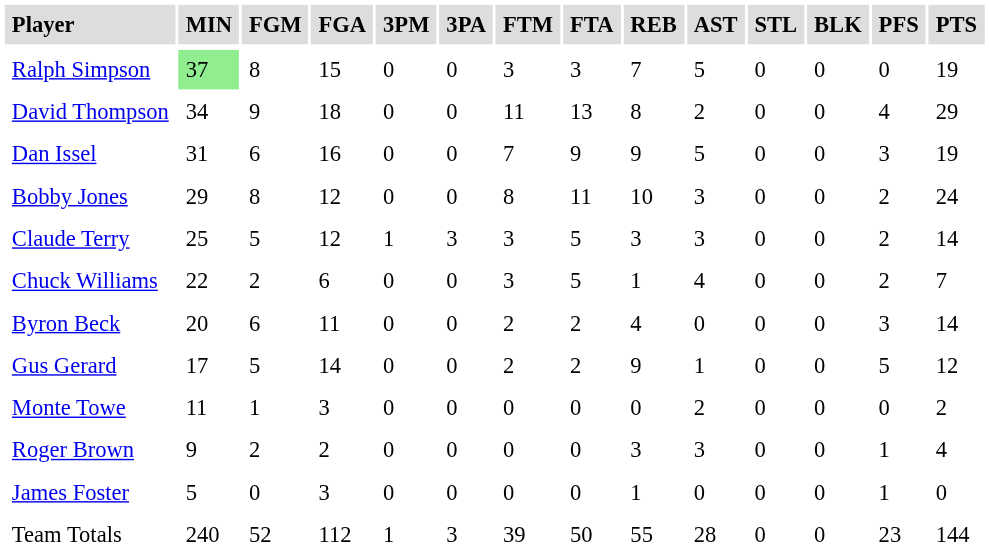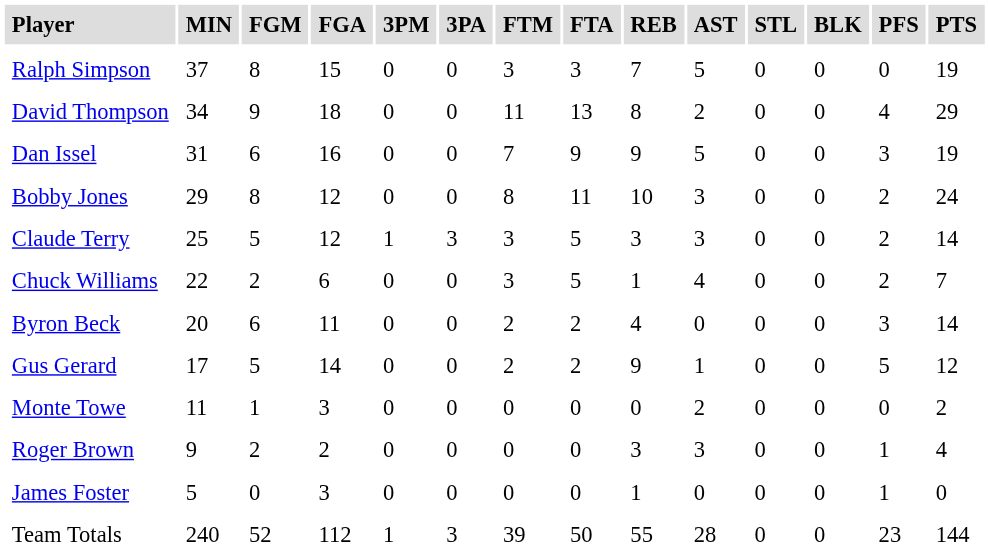 <table cellpadding=5>
 <tr bgcolor="#dddddd">
 <td><strong>Player</strong></td>
 <td><strong>MIN</strong></td>
 <td><strong>FGM</strong></td>
 <td><strong>FGA</strong></td>
 <td><strong>3PM</strong></td>
 <td><strong>3PA</strong></td>
 <td><strong>FTM</strong></td>
 <td><strong>FTA</strong></td>
 <td><strong>REB</strong></td>
 <td><strong>AST</strong></td>
 <td><strong>STL</strong></td>
 <td><strong>BLK</strong></td>
 <td><strong>PFS</strong></td>
 <td><strong>PTS</strong></td>
 </tr>
 <tr bgcolor="#eeeeee">
 </tr>
 <tr>
 <td><a href='#'>Ralph Simpson</a></td>
-<td style="background: lightgreen;">37</td>
+<td>37</td>
 <td>8</td>
 <td>15</td>
 <td>0</td>
 <td>0</td>
 <td>3</td>
 <td>3</td>
 <td>7</td>
 <td>5</td>
 <td>0</td>
 <td>0</td>
 <td>0</td>
 <td>19</td>
 </tr>
 <tr>
 <td><a href='#'>David Thompson</a></td>
 <td>34</td>
 <td>9</td>
 <td>18</td>
 <td>0</td>
 <td>0</td>
 <td>11</td>
 <td>13</td>
 <td>8</td>
 <td>2</td>
 <td>0</td>
 <td>0</td>
 <td>4</td>
 <td>29</td>
 </tr>
 <tr>
 <td><a href='#'>Dan Issel</a></td>
 <td>31</td>
 <td>6</td>
 <td>16</td>
 <td>0</td>
 <td>0</td>
 <td>7</td>
 <td>9</td>
 <td>9</td>
 <td>5</td>
 <td>0</td>
 <td>0</td>
 <td>3</td>
 <td>19</td>
 </tr>
 <tr>
 <td><a href='#'>Bobby Jones</a></td>
 <td>29</td>
 <td>8</td>
 <td>12</td>
 <td>0</td>
 <td>0</td>
 <td>8</td>
 <td>11</td>
 <td>10</td>
 <td>3</td>
 <td>0</td>
 <td>0</td>
 <td>2</td>
 <td>24</td>
 </tr>
 <tr>
 <td><a href='#'>Claude Terry</a></td>
 <td>25</td>
 <td>5</td>
 <td>12</td>
 <td>1</td>
 <td>3</td>
 <td>3</td>
 <td>5</td>
 <td>3</td>
 <td>3</td>
 <td>0</td>
 <td>0</td>
 <td>2</td>
 <td>14</td>
 </tr>
 <tr>
 <td><a href='#'>Chuck Williams</a></td>
 <td>22</td>
 <td>2</td>
 <td>6</td>
 <td>0</td>
 <td>0</td>
 <td>3</td>
 <td>5</td>
 <td>1</td>
 <td>4</td>
 <td>0</td>
 <td>0</td>
 <td>2</td>
 <td>7</td>
 </tr>
 <tr>
 <td><a href='#'>Byron Beck</a></td>
 <td>20</td>
 <td>6</td>
 <td>11</td>
 <td>0</td>
 <td>0</td>
 <td>2</td>
 <td>2</td>
 <td>4</td>
 <td>0</td>
 <td>0</td>
 <td>0</td>
 <td>3</td>
 <td>14</td>
 </tr>
 <tr>
 <td><a href='#'>Gus Gerard</a></td>
 <td>17</td>
 <td>5</td>
 <td>14</td>
 <td>0</td>
 <td>0</td>
 <td>2</td>
 <td>2</td>
 <td>9</td>
 <td>1</td>
 <td>0</td>
 <td>0</td>
 <td>5</td>
 <td>12</td>
 </tr>
 <tr>
 <td><a href='#'>Monte Towe</a></td>
 <td>11</td>
 <td>1</td>
 <td>3</td>
 <td>0</td>
 <td>0</td>
 <td>0</td>
 <td>0</td>
 <td>0</td>
 <td>2</td>
 <td>0</td>
 <td>0</td>
 <td>0</td>
 <td>2</td>
 </tr>
 <tr>
 <td><a href='#'>Roger Brown</a></td>
 <td>9</td>
 <td>2</td>
 <td>2</td>
 <td>0</td>
 <td>0</td>
 <td>0</td>
 <td>0</td>
 <td>3</td>
 <td>3</td>
 <td>0</td>
 <td>0</td>
 <td>1</td>
 <td>4</td>
 </tr>
 <tr>
 <td><a href='#'>James Foster</a></td>
 <td>5</td>
 <td>0</td>
 <td>3</td>
 <td>0</td>
 <td>0</td>
 <td>0</td>
 <td>0</td>
 <td>1</td>
 <td>0</td>
 <td>0</td>
 <td>0</td>
 <td>1</td>
 <td>0</td>
 </tr>
 <tr>
 <td>Team Totals</td>
 <td>240</td>
 <td>52</td>
 <td>112</td>
 <td>1</td>
 <td>3</td>
 <td>39</td>
 <td>50</td>
 <td>55</td>
 <td>28</td>
 <td>0</td>
 <td>0</td>
 <td>23</td>
 <td>144</td>
 </tr>
 <tr>
 </tr>
 </table>
